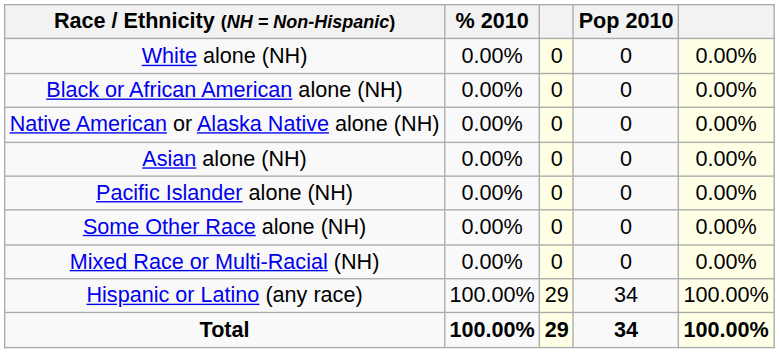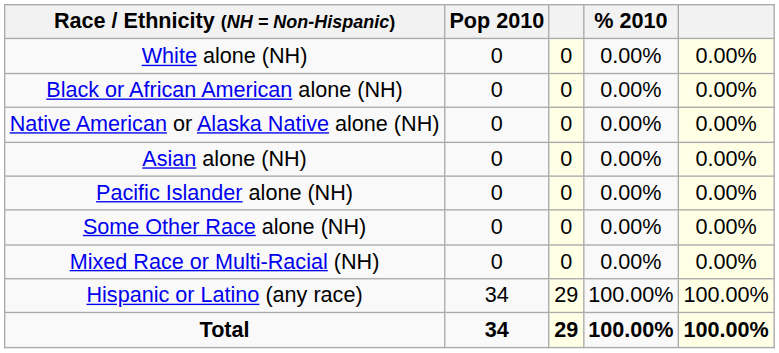 <table class="wikitable" style="text-align:center;">
 <tr>
 <th>Race / Ethnicity <small>(<em>NH = Non-Hispanic</em>)</small></th>
+<th>Pop 2010</th>
+<th></th>
 <th>% 2010</th>
-<th></th>
-<th>Pop 2010</th>
 <th></th>
 </tr>
 <tr>
 <td><a href='#'>White</a> alone (NH)</td>
+<td>0</td>
+<td style='background: #ffffe6;'>0</td>
 <td>0.00%</td>
-<td style='background: #ffffe6;'>0</td>
-<td>0</td>
 <td style='background: #ffffe6;'>0.00%</td>
 </tr>
 <tr>
 <td><a href='#'>Black or African American</a> alone (NH)</td>
+<td>0</td>
+<td style='background: #ffffe6;'>0</td>
 <td>0.00%</td>
-<td style='background: #ffffe6;'>0</td>
-<td>0</td>
 <td style='background: #ffffe6;'>0.00%</td>
 </tr>
 <tr>
 <td><a href='#'>Native American</a> or <a href='#'>Alaska Native</a> alone (NH)</td>
+<td>0</td>
+<td style='background: #ffffe6;'>0</td>
 <td>0.00%</td>
-<td style='background: #ffffe6;'>0</td>
-<td>0</td>
 <td style='background: #ffffe6;'>0.00%</td>
 </tr>
 <tr>
 <td><a href='#'>Asian</a> alone (NH)</td>
+<td>0</td>
+<td style='background: #ffffe6;'>0</td>
 <td>0.00%</td>
-<td style='background: #ffffe6;'>0</td>
-<td>0</td>
 <td style='background: #ffffe6;'>0.00%</td>
 </tr>
 <tr>
 <td><a href='#'>Pacific Islander</a> alone (NH)</td>
+<td>0</td>
+<td style='background: #ffffe6;'>0</td>
 <td>0.00%</td>
-<td style='background: #ffffe6;'>0</td>
-<td>0</td>
 <td style='background: #ffffe6;'>0.00%</td>
 </tr>
 <tr>
 <td><a href='#'>Some Other Race</a> alone (NH)</td>
+<td>0</td>
+<td style='background: #ffffe6;'>0</td>
 <td>0.00%</td>
-<td style='background: #ffffe6;'>0</td>
-<td>0</td>
 <td style='background: #ffffe6;'>0.00%</td>
 </tr>
 <tr>
 <td><a href='#'>Mixed Race or Multi-Racial</a> (NH)</td>
+<td>0</td>
+<td style='background: #ffffe6;'>0</td>
 <td>0.00%</td>
-<td style='background: #ffffe6;'>0</td>
-<td>0</td>
 <td style='background: #ffffe6;'>0.00%</td>
 </tr>
 <tr>
 <td><a href='#'>Hispanic or Latino</a> (any race)</td>
+<td>34</td>
+<td style='background: #ffffe6;'>29</td>
 <td>100.00%</td>
-<td style='background: #ffffe6;'>29</td>
-<td>34</td>
 <td style='background: #ffffe6;'>100.00%</td>
 </tr>
 <tr>
 <td><strong>Total</strong></td>
+<td><strong>34</strong></td>
+<td style='background: #ffffe6;'><strong>29</strong></td>
 <td><strong>100.00%</strong></td>
-<td style='background: #ffffe6;'><strong>29</strong></td>
-<td><strong>34</strong></td>
 <td style='background: #ffffe6;'><strong>100.00%</strong></td>
 </tr>
 </table>
